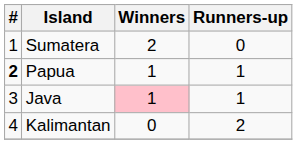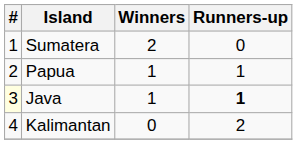 <table class="wikitable">
 <tr>
 <th>#</th>
 <th>Island</th>
 <th>Winners</th>
 <th>Runners-up</th>
 </tr>
 <tr>
 <td align=center>1</td>
 <td>Sumatera</td>
 <td align="center">2</td>
 <td align="center">0</td>
 </tr>
 <tr>
-<td align=center><strong>2</strong></td>
+<td align=center>2</td>
 <td>Papua</td>
 <td align="center">1</td>
 <td align="center">1</td>
 </tr>
 <tr>
-<td align=center>3</td>
+<td align=center style="background: lightyellow;">3</td>
 <td>Java</td>
-<td align="center" style="background: pink;">1</td>
 <td align="center">1</td>
+<td align="center"><strong>1</strong></td>
 </tr>
 <tr>
 <td align=center>4</td>
 <td>Kalimantan</td>
 <td align="center">0</td>
 <td align="center">2</td>
 </tr>
 <tr>
 </tr>
 </table>
